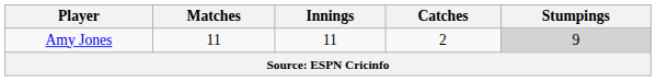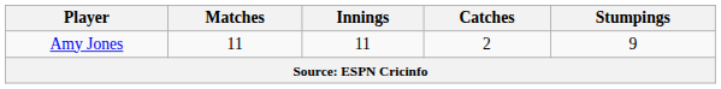 <table class="wikitable" style="text-align:center; width:55%;">
 <tr>
 <th>Player</th>
 <th>Matches</th>
 <th>Innings</th>
 <th>Catches</th>
 <th>Stumpings</th>
 </tr>
 <tr>
 <td><a href='#'>Amy Jones</a></td>
 <td>11</td>
 <td>11</td>
 <td>2</td>
-<td style="background: lightgrey;">9</td>
+<td>9</td>
 </tr>
 <tr>
 <th colspan="5"><small>Source: ESPN Cricinfo </small></th>
 </tr>
 </table>
